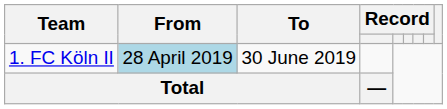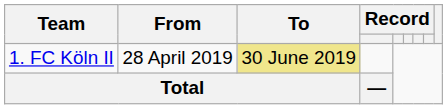 <table class="wikitable" style="text-align: center">
 <tr>
 <th rowspan="2">Team</th>
 <th rowspan="2">From</th>
 <th rowspan="2">To</th>
 <th colspan="5">Record</th>
 <th rowspan="2"></th>
 </tr>
 <tr>
 <th></th>
 <th></th>
 <th></th>
 <th></th>
 <th></th>
 </tr>
 <tr>
 <td><a href='#'>1. FC Köln II</a></td>
-<td style="background: lightblue;">28 April 2019</td>
-<td>30 June 2019<br></td>
+<td>28 April 2019</td>
+<td style="background: khaki;">30 June 2019<br></td>
 <td></td>
 </tr>
 <tr>
 <th colspan="3">Total<br></th>
 <th>—</th>
 </tr>
 </table>
